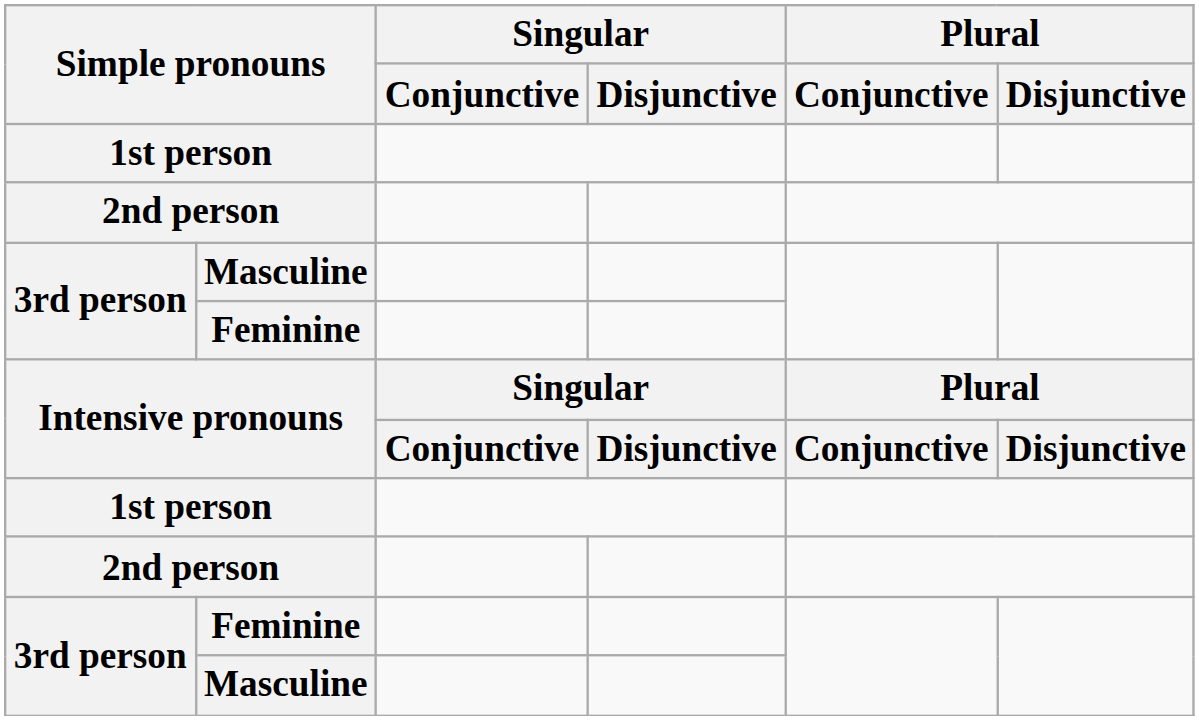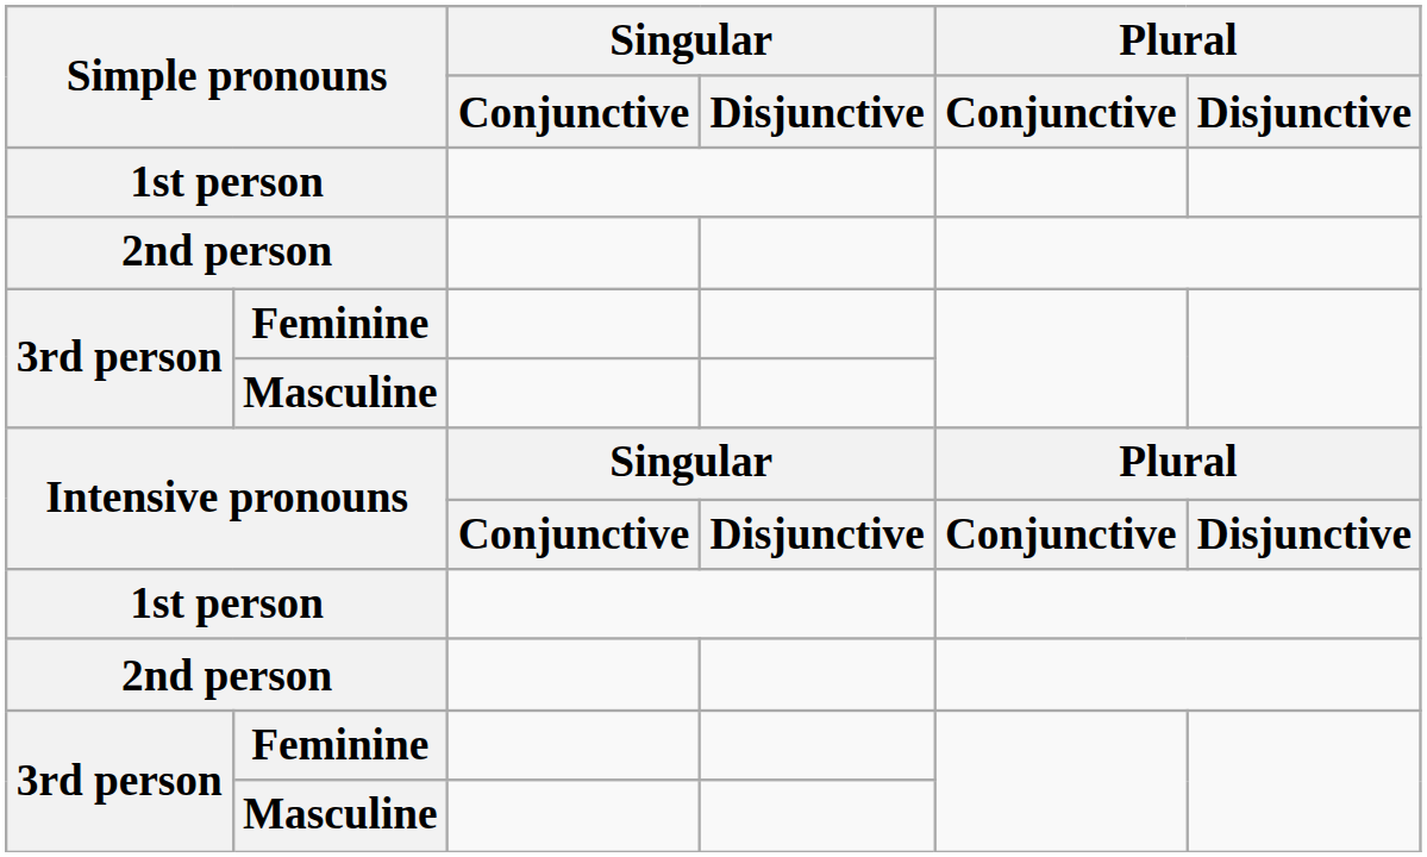 <table class="wikitable mw-collapsible">
 <tr>
 <th colspan="2" rowspan="2">Simple pronouns</th>
 <th colspan="2">Singular</th>
 <th colspan="2">Plural</th>
 </tr>
 <tr>
 <th>Conjunctive</th>
 <th>Disjunctive</th>
 <th>Conjunctive</th>
 <th>Disjunctive</th>
 </tr>
 <tr>
 <th colspan="2">1st person</th>
 <td colspan="2"></td>
 <td></td>
 <td></td>
 </tr>
 <tr>
 <th colspan="2">2nd person</th>
 <td></td>
 <td></td>
 <td colspan="2"></td>
 </tr>
 <tr>
 <th rowspan="2">3rd person</th>
-<th>Masculine</th>
+<th>Feminine</th>
 <td></td>
 <td></td>
 <td rowspan="2"></td>
 <td rowspan="2"></td>
 </tr>
 <tr>
-<th>Feminine</th>
+<th>Masculine</th>
 <td></td>
 <td></td>
 </tr>
 <tr>
 <th colspan="2" rowspan="2">Intensive pronouns</th>
 <th colspan="2">Singular</th>
 <th colspan="2">Plural</th>
 </tr>
 <tr>
 <th>Conjunctive</th>
 <th>Disjunctive</th>
 <th>Conjunctive</th>
 <th>Disjunctive</th>
 </tr>
 <tr>
 <th colspan="2">1st person</th>
 <td colspan="2"></td>
 <td colspan="2"></td>
 </tr>
 <tr>
 <th colspan="2">2nd person</th>
 <td></td>
 <td></td>
 <td colspan="2"></td>
 </tr>
 <tr>
 <th rowspan="2">3rd person</th>
 <th>Feminine</th>
 <td></td>
 <td></td>
 <td rowspan="2"></td>
 <td rowspan="2"></td>
 </tr>
 <tr>
 <th>Masculine</th>
 <td></td>
 <td></td>
 </tr>
 </table>
